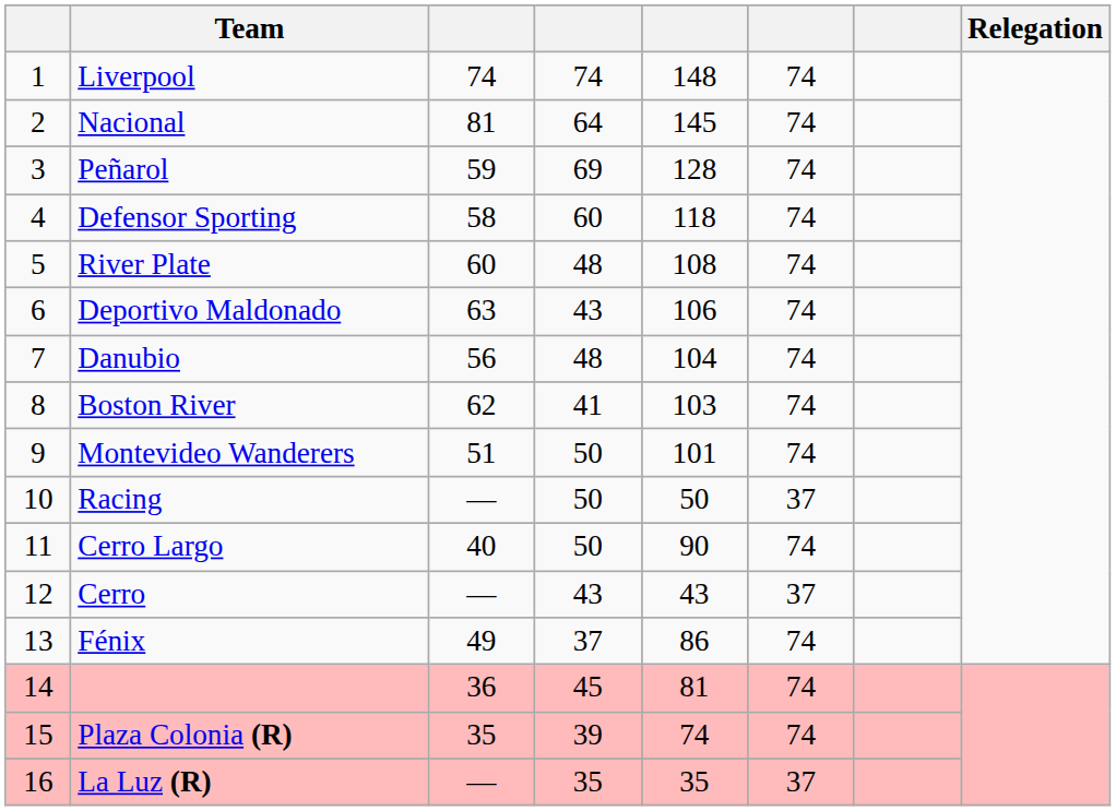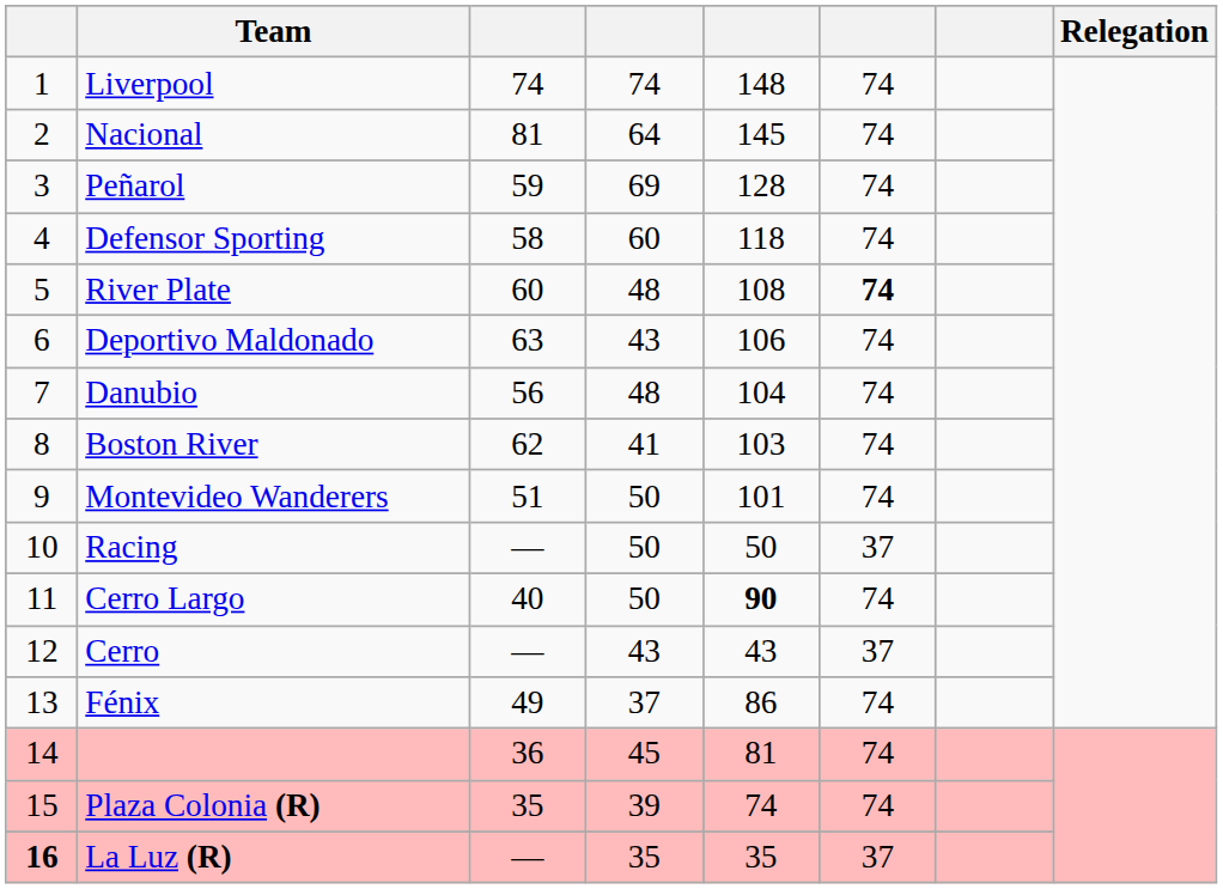 <table class="wikitable" style="text-align: center;">
 <tr>
 <th width=28><br></th>
 <th width=185>Team</th>
 <th width=50></th>
 <th width=50></th>
 <th width=50></th>
 <th width=50></th>
 <th width=50><br></th>
 <th>Relegation</th>
 </tr>
 <tr>
 <td>1</td>
 <td align="left"><a href='#'>Liverpool</a></td>
 <td>74</td>
 <td>74</td>
 <td>148</td>
 <td>74</td>
 <td><strong></strong></td>
 <td rowspan=13></td>
 </tr>
 <tr>
 <td>2</td>
 <td align="left"><a href='#'>Nacional</a></td>
 <td>81</td>
 <td>64</td>
 <td>145</td>
 <td>74</td>
 <td><strong></strong></td>
 </tr>
 <tr>
 <td>3</td>
 <td align="left"><a href='#'>Peñarol</a></td>
 <td>59</td>
 <td>69</td>
 <td>128</td>
 <td>74</td>
 <td><strong></strong></td>
 </tr>
 <tr>
 <td>4</td>
 <td align="left"><a href='#'>Defensor Sporting</a></td>
 <td>58</td>
 <td>60</td>
 <td>118</td>
 <td>74</td>
 <td><strong></strong></td>
 </tr>
 <tr>
 <td>5</td>
 <td align="left"><a href='#'>River Plate</a></td>
 <td>60</td>
 <td>48</td>
 <td>108</td>
-<td>74</td>
+<td><strong>74</strong></td>
 <td><strong></strong></td>
 </tr>
 <tr>
 <td>6</td>
 <td align="left"><a href='#'>Deportivo Maldonado</a></td>
 <td>63</td>
 <td>43</td>
 <td>106</td>
 <td>74</td>
 <td><strong></strong></td>
 </tr>
 <tr>
 <td>7</td>
 <td align="left"><a href='#'>Danubio</a></td>
 <td>56</td>
 <td>48</td>
 <td>104</td>
 <td>74</td>
 <td><strong></strong></td>
 </tr>
 <tr>
 <td>8</td>
 <td align="left"><a href='#'>Boston River</a></td>
 <td>62</td>
 <td>41</td>
 <td>103</td>
 <td>74</td>
 <td><strong></strong></td>
 </tr>
 <tr>
 <td>9</td>
 <td align="left"><a href='#'>Montevideo Wanderers</a></td>
 <td>51</td>
 <td>50</td>
 <td>101</td>
 <td>74</td>
 <td><strong></strong></td>
 </tr>
 <tr>
 <td>10</td>
 <td align="left"><a href='#'>Racing</a></td>
 <td>—</td>
 <td>50</td>
 <td>50</td>
 <td>37</td>
 <td><strong></strong></td>
 </tr>
 <tr>
 <td>11</td>
 <td align="left"><a href='#'>Cerro Largo</a></td>
 <td>40</td>
 <td>50</td>
-<td>90</td>
+<td><strong>90</strong></td>
 <td>74</td>
 <td><strong></strong></td>
 </tr>
 <tr>
 <td>12</td>
 <td align="left"><a href='#'>Cerro</a></td>
 <td>—</td>
 <td>43</td>
 <td>43</td>
 <td>37</td>
 <td><strong></strong></td>
 </tr>
 <tr>
 <td>13</td>
 <td align="left"><a href='#'>Fénix</a></td>
 <td>49</td>
 <td>37</td>
 <td>86</td>
 <td>74</td>
 <td><strong></strong></td>
 </tr>
 <tr bgcolor=#FFBBBB>
 <td>14</td>
 <td align="left"></td>
 <td>36</td>
 <td>45</td>
 <td>81</td>
 <td>74</td>
 <td><strong></strong></td>
 <td rowspan=3></td>
 </tr>
 <tr bgcolor=#FFBBBB>
 <td>15</td>
 <td align="left"><a href='#'>Plaza Colonia</a> <strong>(R)</strong></td>
 <td>35</td>
 <td>39</td>
 <td>74</td>
 <td>74</td>
 <td><strong></strong></td>
 </tr>
 <tr bgcolor=#FFBBBB>
-<td>16</td>
+<td><strong>16</strong></td>
 <td align="left"><a href='#'>La Luz</a> <strong>(R)</strong></td>
 <td>—</td>
 <td>35</td>
 <td>35</td>
 <td>37</td>
 <td><strong></strong></td>
 </tr>
 </table>
